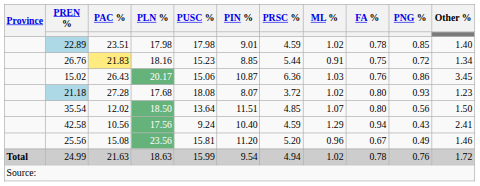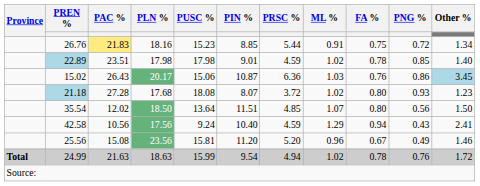 <table class="wikitable sortable" style="text-align:right; font-size:95%">
 <tr>
 <th rowspan=2><a href='#'>Province</a></th>
 <th width=60px><a href='#'>PREN</a> %</th>
 <th width=60px><a href='#'>PAC</a> %</th>
 <th width=60px><a href='#'>PLN</a> %</th>
 <th width=60px><a href='#'>PUSC</a> %</th>
 <th width=60px><a href='#'>PIN</a> %</th>
 <th width=60px><a href='#'>PRSC</a> %</th>
 <th width=60px><a href='#'>ML</a> %</th>
 <th width=60px><a href='#'>FA</a> %</th>
 <th width=60px><a href='#'>PNG</a> %</th>
 <th width=60px>Other %</th>
 </tr>
 <tr>
 <th style="background:"></th>
 <th style="background:"></th>
 <th style="background:"></th>
 <th style="background:"></th>
 <th style="background:"></th>
 <th style="background:"></th>
 <th style="background:"></th>
 <th style="background:"></th>
 <th style="background:"></th>
 <th style="background:#7a7a7a"></th>
 </tr>
 <tr>
 <td align="left"></td>
+<td style="background:">26.76</td>
+<td style="background:#FFEB7F; color:black;">21.83</td>
+<td>18.16</td>
+<td>15.23</td>
+<td>8.85</td>
+<td>5.44</td>
+<td>0.91</td>
+<td>0.75</td>
+<td>0.72</td>
+<td>1.34</td>
+</tr>
+<tr>
+<td align="left"></td>
 <td style="background:#ADD8E6; color:black;">22.89</td>
 <td style="background:">23.51</td>
 <td>17.98</td>
 <td>17.98</td>
 <td>9.01</td>
 <td>4.59</td>
 <td>1.02</td>
 <td>0.78</td>
 <td>0.85</td>
 <td>1.40</td>
 </tr>
 <tr>
 <td align="left"></td>
-<td style="background:">26.76</td>
-<td style="background:#FFEB7F; color:black;">21.83</td>
-<td>18.16</td>
-<td>15.23</td>
-<td>8.85</td>
-<td>5.44</td>
-<td>0.91</td>
-<td>0.75</td>
-<td>0.72</td>
-<td>1.34</td>
-</tr>
-<tr>
-<td align="left"></td>
 <td>15.02</td>
 <td style="background:">26.43</td>
 <td style="background:#66B27B; color:white;">20.17</td>
 <td>15.06</td>
 <td>10.87</td>
 <td>6.36</td>
 <td>1.03</td>
 <td>0.76</td>
 <td>0.86</td>
-<td>3.45</td>
+<td style="background: lightblue;">3.45</td>
 </tr>
 <tr>
 <td align="left"></td>
 <td style="background:#ADD8E6; color:black;">21.18</td>
 <td style="background:">27.28</td>
 <td>17.68</td>
 <td>18.08</td>
 <td>8.07</td>
 <td>3.72</td>
 <td>1.02</td>
 <td>0.80</td>
 <td>0.93</td>
 <td>1.23</td>
 </tr>
 <tr>
 <td align="left"></td>
 <td style="background:">35.54</td>
 <td>12.02</td>
 <td style="background:#66B27B; color:white;">18.50</td>
 <td>13.64</td>
 <td>11.51</td>
 <td>4.85</td>
 <td>1.07</td>
 <td>0.80</td>
 <td>0.56</td>
 <td>1.50</td>
 </tr>
 <tr>
 <td align="left"></td>
 <td style="background:">42.58</td>
 <td>10.56</td>
 <td style="background:#66B27B; color:white;">17.56</td>
 <td>9.24</td>
 <td>10.40</td>
 <td>4.59</td>
 <td>1.29</td>
 <td>0.94</td>
 <td>0.43</td>
 <td>2.41</td>
 </tr>
 <tr>
 <td align="left"></td>
 <td style="background:">25.56</td>
 <td>15.08</td>
 <td style="background:#66B27B; color:white;">23.56</td>
 <td>15.81</td>
 <td>11.20</td>
 <td>5.20</td>
 <td>0.96</td>
 <td>0.67</td>
 <td>0.49</td>
 <td>1.46</td>
 </tr>
 <tr style="background:#CDCDCD;">
 <td align="left"><strong>Total</strong></td>
 <td style="background:">24.99</td>
 <td>21.63</td>
 <td>18.63</td>
 <td>15.99</td>
 <td>9.54</td>
 <td>4.94</td>
 <td>1.02</td>
 <td>0.78</td>
 <td>0.76</td>
 <td>1.72</td>
 </tr>
 <tr>
 <td align=left colspan=11>Source:  </td>
 </tr>
 </table>
